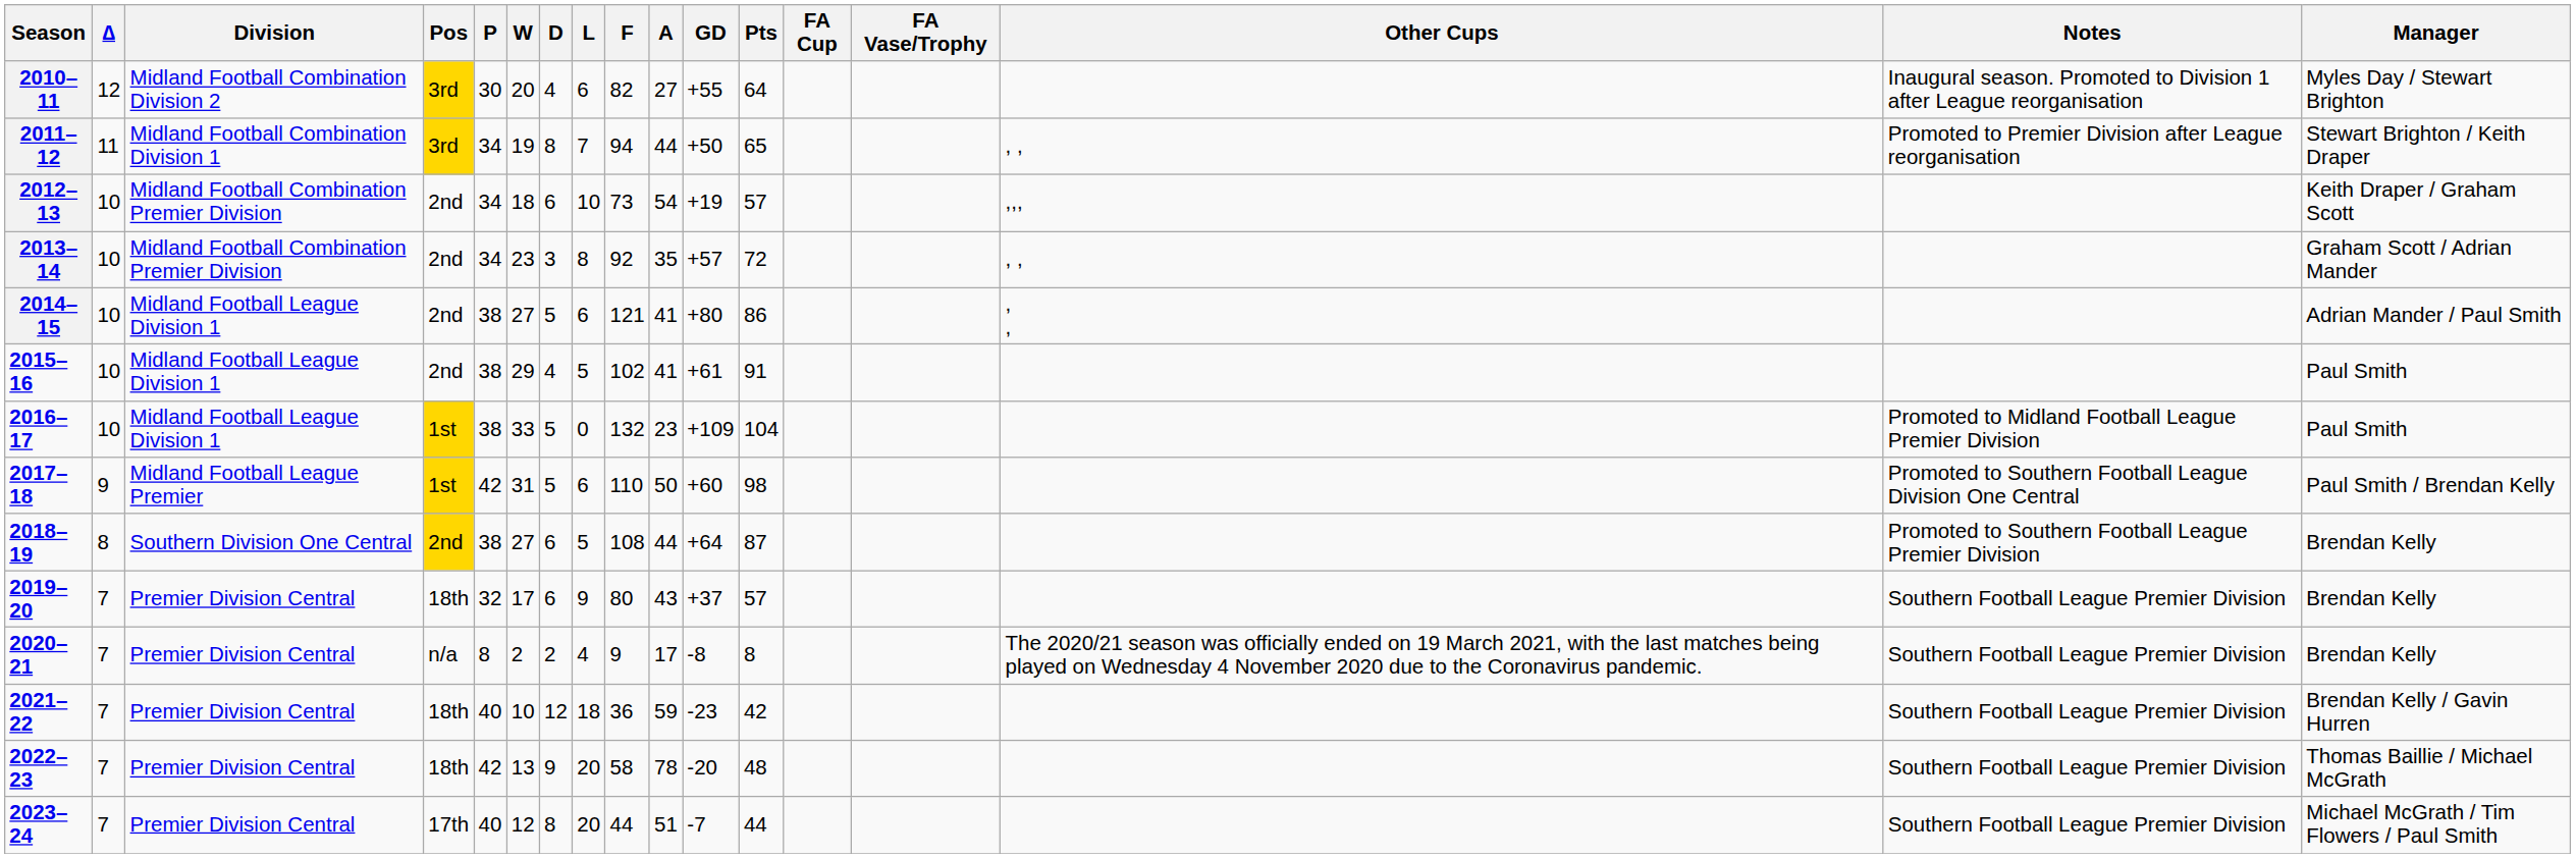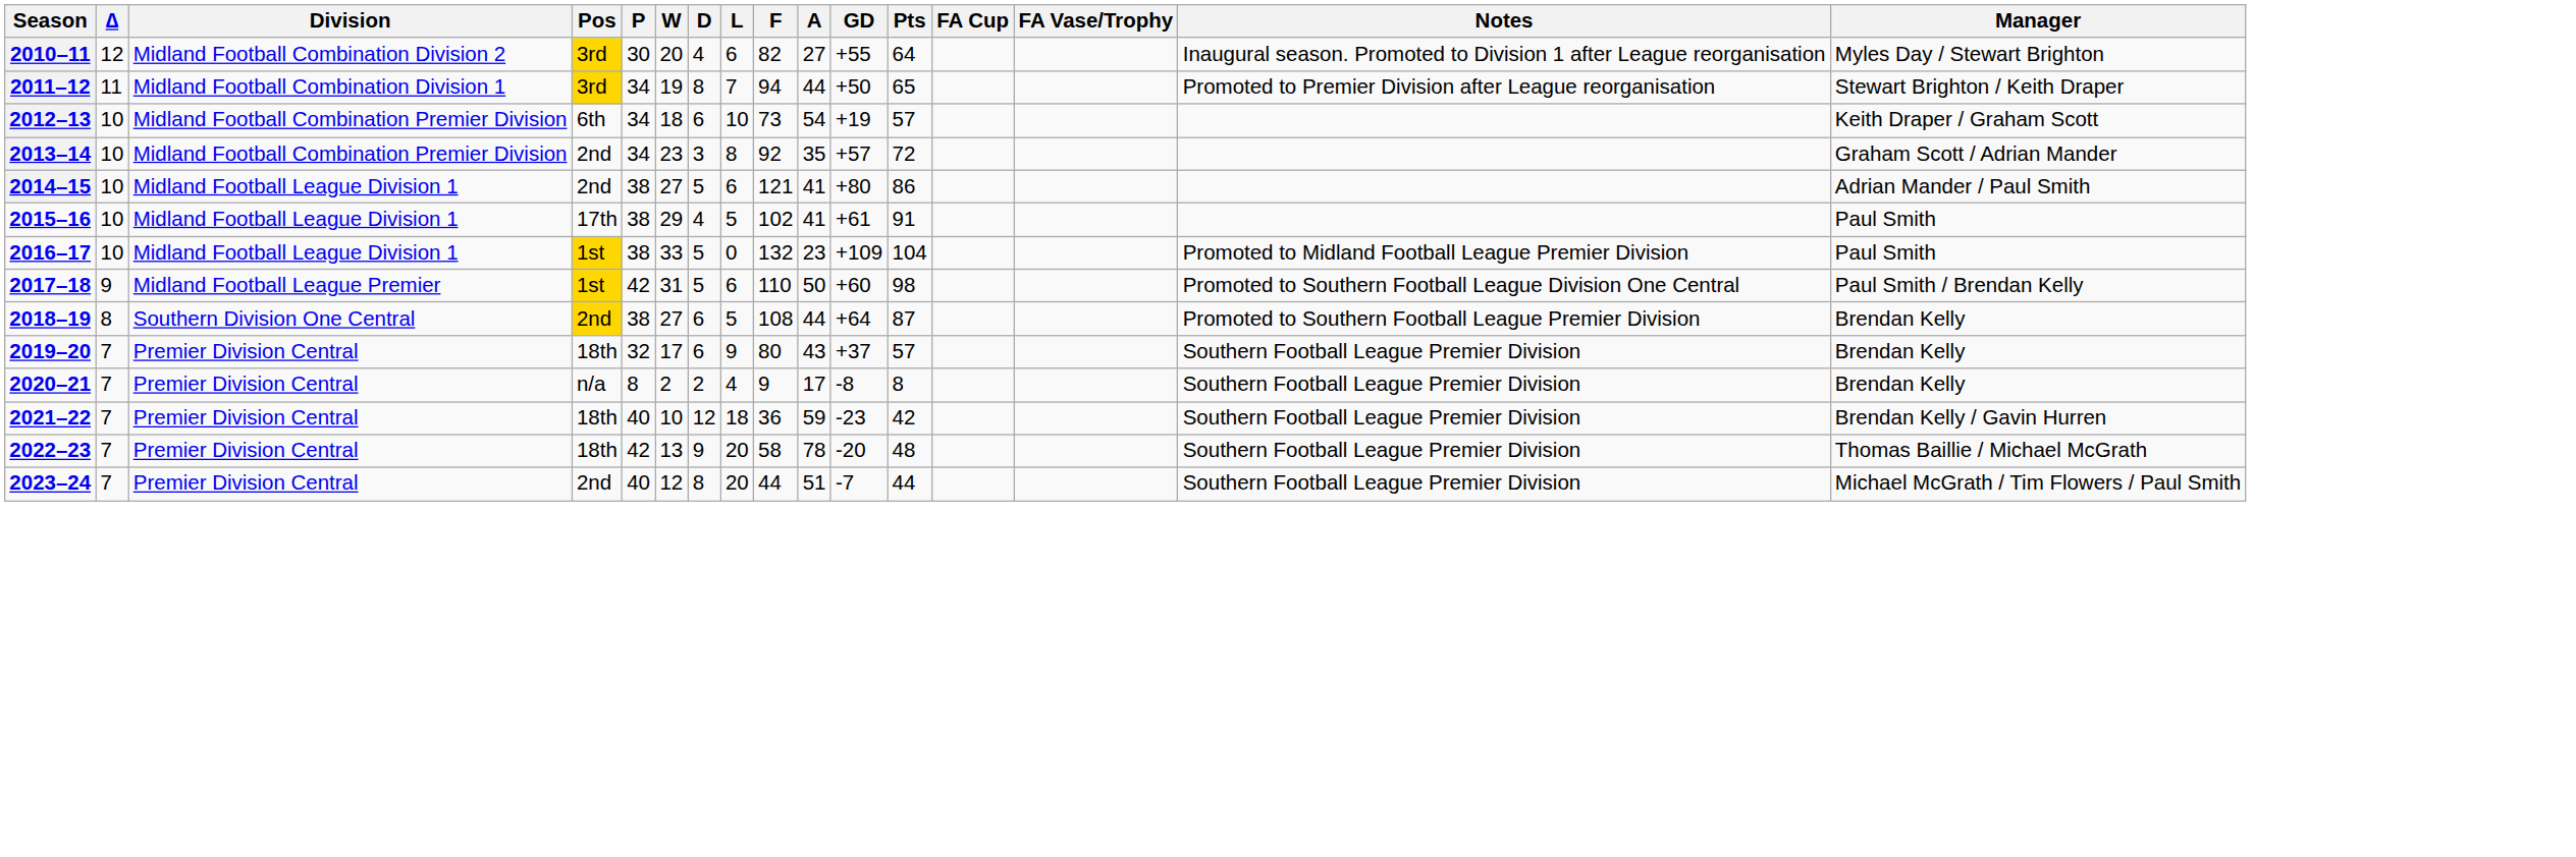 <table class="wikitable">
 <tr>
 <th>Season</th>
 <th><a href='#'>∆</a></th>
 <th>Division</th>
 <th>Pos</th>
 <th>P</th>
 <th>W</th>
 <th>D</th>
 <th>L</th>
 <th>F</th>
 <th>A</th>
 <th>GD</th>
 <th>Pts</th>
 <th>FA Cup</th>
 <th>FA Vase/Trophy</th>
-<th>Other Cups</th>
 <th>Notes</th>
 <th>Manager</th>
 </tr>
 <tr>
 <th><a href='#'>2010–11</a></th>
 <td>12</td>
 <td><a href='#'>Midland Football Combination Division 2</a></td>
 <td bgcolor="gold">3rd</td>
 <td>30</td>
 <td>20</td>
 <td>4</td>
 <td>6</td>
 <td>82</td>
 <td>27</td>
 <td>+55</td>
 <td>64</td>
 <td></td>
 <td></td>
-<td><br></td>
 <td>Inaugural season. Promoted to Division 1 after League reorganisation</td>
 <td>Myles Day / Stewart Brighton</td>
 </tr>
 <tr>
 <th><a href='#'>2011–12</a></th>
 <td>11</td>
 <td><a href='#'>Midland Football Combination Division 1</a></td>
 <td bgcolor="gold">3rd</td>
 <td>34</td>
 <td>19</td>
 <td>8</td>
 <td>7</td>
 <td>94</td>
 <td>44</td>
 <td>+50</td>
 <td>65</td>
 <td></td>
 <td></td>
-<td>, , </td>
 <td>Promoted to Premier Division after League reorganisation</td>
 <td>Stewart Brighton / Keith Draper</td>
 </tr>
 <tr>
 <th><a href='#'>2012–13</a></th>
 <td>10</td>
 <td><a href='#'>Midland Football Combination Premier Division</a></td>
-<td>2nd</td>
+<td>6th</td>
 <td>34</td>
 <td>18</td>
 <td>6</td>
 <td>10</td>
 <td>73</td>
 <td>54</td>
 <td>+19</td>
 <td>57</td>
 <td></td>
 <td></td>
-<td>,,, </td>
 <td></td>
 <td>Keith Draper / Graham Scott</td>
 </tr>
 <tr>
 <th><a href='#'>2013–14</a></th>
 <td>10</td>
 <td><a href='#'>Midland Football Combination Premier Division</a></td>
 <td>2nd</td>
 <td>34</td>
 <td>23</td>
 <td>3</td>
 <td>8</td>
 <td>92</td>
 <td>35</td>
 <td>+57</td>
 <td>72</td>
 <td></td>
 <td></td>
-<td>, , </td>
 <td></td>
 <td>Graham Scott / Adrian Mander</td>
 </tr>
 <tr>
 <th><a href='#'>2014–15</a></th>
 <td>10</td>
 <td><a href='#'>Midland Football League Division 1</a></td>
 <td>2nd</td>
 <td>38</td>
 <td>27</td>
 <td>5</td>
 <td>6</td>
 <td>121</td>
 <td>41</td>
 <td>+80</td>
 <td>86</td>
 <td></td>
 <td></td>
-<td>,<br>, </td>
 <td></td>
 <td>Adrian Mander / Paul Smith</td>
 </tr>
 <tr>
 <td><a href='#'><strong>2015–16</strong></a></td>
 <td>10</td>
 <td><a href='#'>Midland Football League Division 1</a></td>
-<td>2nd</td>
+<td>17th</td>
 <td>38</td>
 <td>29</td>
 <td>4</td>
 <td>5</td>
 <td>102</td>
 <td>41</td>
 <td>+61</td>
 <td>91</td>
 <td></td>
 <td></td>
-<td><br> </td>
 <td></td>
 <td>Paul Smith</td>
 </tr>
 <tr>
 <td><a href='#'><strong>2016–17</strong></a></td>
 <td>10</td>
 <td><a href='#'>Midland Football League Division 1</a></td>
 <td bgcolor="gold">1st</td>
 <td>38</td>
 <td>33</td>
 <td>5</td>
 <td>0</td>
 <td>132</td>
 <td>23</td>
 <td>+109</td>
 <td>104</td>
 <td></td>
 <td></td>
-<td><br> </td>
 <td>Promoted to Midland Football League Premier Division</td>
 <td>Paul Smith</td>
 </tr>
 <tr>
 <td><a href='#'><strong>2017–18</strong></a></td>
 <td>9</td>
 <td><a href='#'>Midland Football League Premier</a></td>
 <td bgcolor="gold">1st</td>
 <td>42</td>
 <td>31</td>
 <td>5</td>
 <td>6</td>
 <td>110</td>
 <td>50</td>
 <td>+60</td>
 <td>98</td>
 <td></td>
 <td></td>
-<td><br> </td>
 <td>Promoted to Southern Football League Division One Central</td>
 <td>Paul Smith / Brendan Kelly</td>
 </tr>
 <tr>
 <td><a href='#'><strong>2018–19</strong></a></td>
 <td>8</td>
 <td><a href='#'>Southern Division One Central</a></td>
 <td bgcolor="gold">2nd</td>
 <td>38</td>
 <td>27</td>
 <td>6</td>
 <td>5</td>
 <td>108</td>
 <td>44</td>
 <td>+64</td>
 <td>87</td>
 <td></td>
-<td><br></td>
 <td><br></td>
 <td>Promoted to Southern Football League Premier Division</td>
 <td>Brendan Kelly</td>
 </tr>
 <tr>
 <td><a href='#'><strong>2019–20</strong></a></td>
 <td>7</td>
 <td><a href='#'>Premier Division Central</a></td>
 <td>18th</td>
 <td>32</td>
 <td>17</td>
 <td>6</td>
 <td>9</td>
 <td>80</td>
 <td>43</td>
 <td>+37</td>
 <td>57</td>
 <td></td>
 <td></td>
-<td><br></td>
 <td>Southern Football League Premier Division</td>
 <td>Brendan Kelly</td>
 </tr>
 <tr>
 <td><a href='#'><strong>2020–21</strong></a></td>
 <td>7</td>
 <td><a href='#'>Premier Division Central</a></td>
 <td>n/a</td>
 <td>8</td>
 <td>2</td>
 <td>2</td>
 <td>4</td>
 <td>9</td>
 <td>17</td>
 <td>-8</td>
 <td>8</td>
 <td></td>
 <td></td>
-<td>The 2020/21 season was officially ended on 19 March 2021, with the last matches being played on Wednesday 4 November 2020 due to the Coronavirus pandemic.</td>
 <td>Southern Football League Premier Division</td>
 <td>Brendan Kelly</td>
 </tr>
 <tr>
 <td><a href='#'><strong>2021–22</strong></a></td>
 <td>7</td>
 <td><a href='#'>Premier Division Central</a></td>
 <td>18th</td>
 <td>40</td>
 <td>10</td>
 <td>12</td>
 <td>18</td>
 <td>36</td>
 <td>59</td>
 <td>-23</td>
 <td>42</td>
 <td></td>
 <td></td>
-<td><br></td>
 <td>Southern Football League Premier Division</td>
 <td>Brendan Kelly / Gavin Hurren</td>
 </tr>
 <tr>
 <td><a href='#'><strong>2022–23</strong></a></td>
 <td>7</td>
 <td><a href='#'>Premier Division Central</a></td>
 <td>18th</td>
 <td>42</td>
 <td>13</td>
 <td>9</td>
 <td>20</td>
 <td>58</td>
 <td>78</td>
 <td>-20</td>
 <td>48</td>
 <td></td>
 <td></td>
-<td></td>
 <td>Southern Football League Premier Division</td>
 <td>Thomas Baillie / Michael McGrath</td>
 </tr>
 <tr>
 <td><a href='#'><strong>2023–24</strong></a></td>
 <td>7</td>
 <td><a href='#'>Premier Division Central</a></td>
-<td>17th</td>
+<td>2nd</td>
 <td>40</td>
 <td>12</td>
 <td>8</td>
 <td>20</td>
 <td>44</td>
 <td>51</td>
 <td>-7</td>
 <td>44</td>
 <td></td>
 <td></td>
-<td></td>
 <td>Southern Football League Premier Division</td>
 <td>Michael McGrath / Tim Flowers / Paul Smith</td>
 </tr>
 </table>
